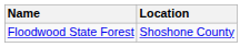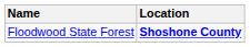 <table class="wikitable">
 <tr>
 <th style="text-align:left">Name<br></th>
 <th style="text-align:left">Location<br></th>
 </tr>
 <tr>
 <td><a href='#'>Floodwood State Forest</a></td>
-<td><a href='#'>Shoshone County</a></td>
+<td><strong><a href='#'>Shoshone County</a></strong></td>
 </tr>
 </table>
